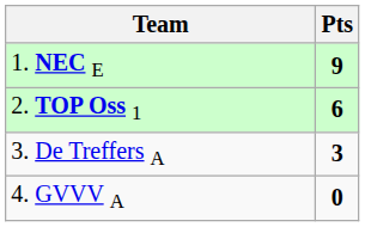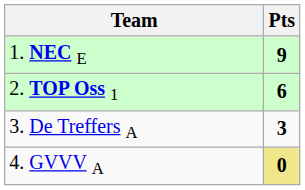 <table class="wikitable" style="text-align:center; float:left; margin-right:1em">
 <tr>
 <th style="width:200px">Team</th>
 <th width=20>Pts</th>
 </tr>
 <tr bgcolor=ccffcc>
 <td align=left>1. <strong><a href='#'>NEC</a></strong> <sub>E</sub></td>
 <td><strong>9</strong></td>
 </tr>
 <tr bgcolor=ccffcc>
 <td align=left>2. <strong><a href='#'>TOP Oss</a></strong> <sub>1</sub></td>
 <td><strong>6</strong></td>
 </tr>
 <tr>
 <td align=left>3. <a href='#'>De Treffers</a> <sub>A</sub></td>
 <td><strong>3</strong></td>
 </tr>
 <tr>
 <td align=left>4. <a href='#'>GVVV</a> <sub>A</sub></td>
-<td><strong>0</strong></td>
+<td style="background: khaki;"><strong>0</strong></td>
 </tr>
 </table>
